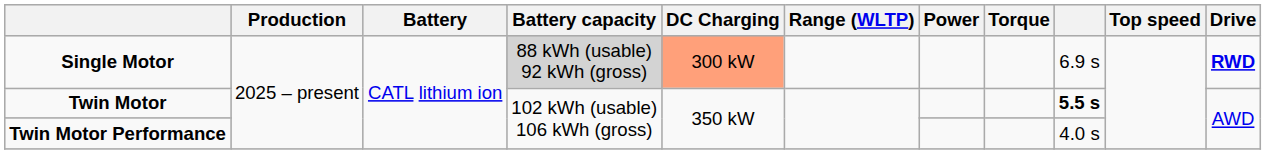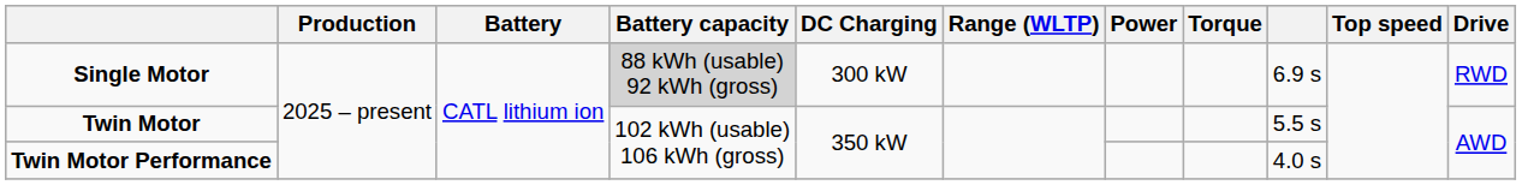 <table class="wikitable" style="font-size:75%;text-align:center;">
 <tr>
 <th></th>
 <th>Production</th>
 <th>Battery</th>
 <th>Battery capacity</th>
 <th>DC Charging</th>
 <th>Range (<a href='#'>WLTP</a>)</th>
 <th>Power</th>
 <th>Torque</th>
 <th></th>
 <th>Top speed</th>
 <th>Drive</th>
 </tr>
 <tr>
 <td><strong>Single Motor</strong></td>
 <td rowspan="3">2025 – present</td>
 <td rowspan="3"><a href='#'>CATL</a> <a href='#'>lithium ion</a></td>
 <td style="background: lightgrey;">88 kWh (usable)<br>92 kWh (gross)</td>
-<td style="background: lightsalmon;">300 kW</td>
+<td>300 kW</td>
 <td></td>
 <td></td>
 <td></td>
 <td>6.9 s</td>
 <td rowspan="3"></td>
-<td><strong><a href='#'>RWD</a></strong></td>
+<td><a href='#'>RWD</a></td>
 </tr>
 <tr>
 <td><strong>Twin Motor</strong></td>
 <td rowspan="2">102 kWh (usable)<br>106 kWh (gross)</td>
 <td rowspan="2">350 kW</td>
 <td rowspan="2"></td>
 <td></td>
 <td></td>
-<td><strong>5.5 s</strong></td>
+<td>5.5 s</td>
 <td rowspan="2"><a href='#'>AWD</a></td>
 </tr>
 <tr>
 <td><strong>Twin Motor Performance</strong></td>
 <td></td>
 <td></td>
 <td>4.0 s</td>
 </tr>
 </table>
